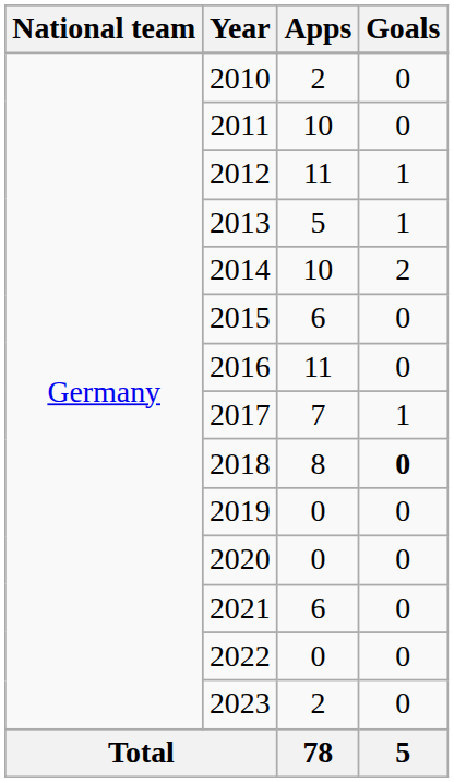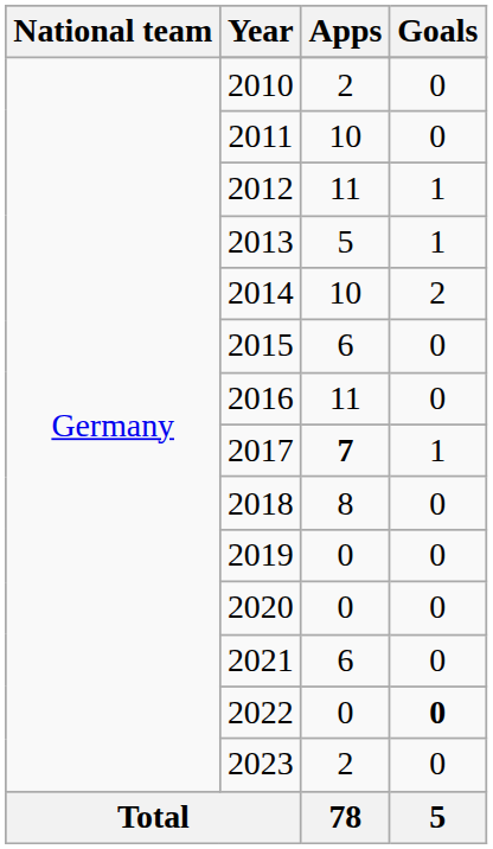 <table class="wikitable" style="text-align:center">
 <tr>
 <th>National team</th>
 <th>Year</th>
 <th>Apps</th>
 <th>Goals</th>
 </tr>
 <tr>
 <td rowspan="15"><a href='#'>Germany</a></td>
 </tr>
 <tr>
 <td>2010</td>
 <td>2</td>
 <td>0</td>
 </tr>
 <tr>
 <td>2011</td>
 <td>10</td>
 <td>0</td>
 </tr>
 <tr>
 <td>2012</td>
 <td>11</td>
 <td>1</td>
 </tr>
 <tr>
 <td>2013</td>
 <td>5</td>
 <td>1</td>
 </tr>
 <tr>
 <td>2014</td>
 <td>10</td>
 <td>2</td>
 </tr>
 <tr>
 <td>2015</td>
 <td>6</td>
 <td>0</td>
 </tr>
 <tr>
 <td>2016</td>
 <td>11</td>
 <td>0</td>
 </tr>
 <tr>
 <td>2017</td>
-<td>7</td>
+<td><strong>7</strong></td>
 <td>1</td>
 </tr>
 <tr>
 <td>2018</td>
 <td>8</td>
-<td><strong>0</strong></td>
+<td>0</td>
 </tr>
 <tr>
 <td>2019</td>
 <td>0</td>
 <td>0</td>
 </tr>
 <tr>
 <td>2020</td>
 <td>0</td>
 <td>0</td>
 </tr>
 <tr>
 <td>2021</td>
 <td>6</td>
 <td>0</td>
 </tr>
 <tr>
 <td>2022</td>
 <td>0</td>
-<td>0</td>
+<td><strong>0</strong></td>
 </tr>
 <tr>
 <td>2023</td>
 <td>2</td>
 <td>0</td>
 </tr>
 <tr>
 <th colspan="2">Total</th>
 <th>78</th>
 <th>5</th>
 </tr>
 </table>
